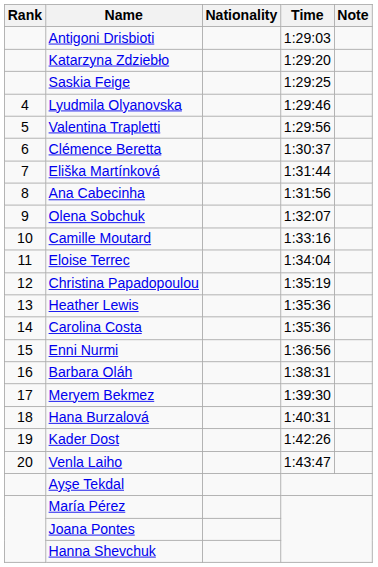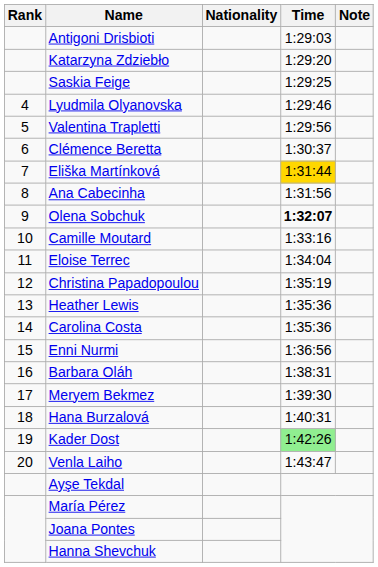 <table class="wikitable sortable"  style="text-align:center">
 <tr>
 <th>Rank</th>
 <th>Name</th>
 <th>Nationality</th>
 <th>Time</th>
 <th>Note</th>
 </tr>
 <tr>
 <td></td>
 <td align=left><a href='#'>Antigoni Drisbioti</a></td>
 <td align=left></td>
 <td>1:29:03</td>
 <td></td>
 </tr>
 <tr>
 <td></td>
 <td align=left><a href='#'>Katarzyna Zdziebło</a></td>
 <td align=left></td>
 <td>1:29:20</td>
 <td></td>
 </tr>
 <tr>
 <td></td>
 <td align=left><a href='#'>Saskia Feige</a></td>
 <td align=left></td>
 <td>1:29:25</td>
 <td></td>
 </tr>
 <tr>
 <td>4</td>
 <td align=left><a href='#'>Lyudmila Olyanovska</a></td>
 <td align=left></td>
 <td>1:29:46</td>
 <td></td>
 </tr>
 <tr>
 <td>5</td>
 <td align=left><a href='#'>Valentina Trapletti</a></td>
 <td align=left></td>
 <td>1:29:56</td>
 <td></td>
 </tr>
 <tr>
 <td>6</td>
 <td align=left><a href='#'>Clémence Beretta</a></td>
 <td align=left></td>
 <td>1:30:37</td>
 <td></td>
 </tr>
 <tr>
 <td>7</td>
 <td align=left><a href='#'>Eliška Martínková</a></td>
 <td align=left></td>
-<td>1:31:44</td>
+<td style="background: gold;">1:31:44</td>
 <td></td>
 </tr>
 <tr>
 <td>8</td>
 <td align=left><a href='#'>Ana Cabecinha</a></td>
 <td align=left></td>
 <td>1:31:56</td>
 <td></td>
 </tr>
 <tr>
 <td>9</td>
 <td align=left><a href='#'>Olena Sobchuk</a></td>
 <td align=left></td>
-<td>1:32:07</td>
+<td><strong>1:32:07</strong></td>
 <td></td>
 </tr>
 <tr>
 <td>10</td>
 <td align=left><a href='#'>Camille Moutard</a></td>
 <td align=left></td>
 <td>1:33:16</td>
 <td></td>
 </tr>
 <tr>
 <td>11</td>
 <td align=left><a href='#'>Eloise Terrec</a></td>
 <td align=left></td>
 <td>1:34:04</td>
 <td></td>
 </tr>
 <tr>
 <td>12</td>
 <td align=left><a href='#'>Christina Papadopoulou</a></td>
 <td align=left></td>
 <td>1:35:19</td>
 <td></td>
 </tr>
 <tr>
 <td>13</td>
 <td align=left><a href='#'>Heather Lewis</a></td>
 <td align=left></td>
 <td>1:35:36</td>
 <td></td>
 </tr>
 <tr>
 <td>14</td>
 <td align=left><a href='#'>Carolina Costa</a></td>
 <td align=left></td>
 <td>1:35:36</td>
 <td></td>
 </tr>
 <tr>
 <td>15</td>
 <td align=left><a href='#'>Enni Nurmi</a></td>
 <td align=left></td>
 <td>1:36:56</td>
 <td></td>
 </tr>
 <tr>
 <td>16</td>
 <td align=left><a href='#'>Barbara Oláh</a></td>
 <td align=left></td>
 <td>1:38:31</td>
 <td></td>
 </tr>
 <tr>
 <td>17</td>
 <td align=left><a href='#'>Meryem Bekmez</a></td>
 <td align=left></td>
 <td>1:39:30</td>
 <td></td>
 </tr>
 <tr>
 <td>18</td>
 <td align=left><a href='#'>Hana Burzalová</a></td>
 <td align=left></td>
 <td>1:40:31</td>
 <td></td>
 </tr>
 <tr>
 <td>19</td>
 <td align=left><a href='#'>Kader Dost</a></td>
 <td align=left></td>
-<td>1:42:26</td>
+<td style="background: lightgreen;">1:42:26</td>
 <td></td>
 </tr>
 <tr>
 <td>20</td>
 <td align=left><a href='#'>Venla Laiho</a></td>
 <td align=left></td>
 <td>1:43:47</td>
 <td></td>
 </tr>
 <tr>
 <td></td>
 <td align=left><a href='#'>Ayşe Tekdal</a></td>
 <td align=left></td>
 <td colspan=2></td>
 </tr>
 <tr>
 <td rowspan=3></td>
 <td align=left><a href='#'>María Pérez</a></td>
 <td align=left></td>
 <td colspan=2 rowspan=3></td>
 </tr>
 <tr>
 <td align=left><a href='#'>Joana Pontes</a></td>
 <td align=left></td>
 </tr>
 <tr>
 <td align=left><a href='#'>Hanna Shevchuk</a></td>
 <td align=left></td>
 </tr>
 </table>
